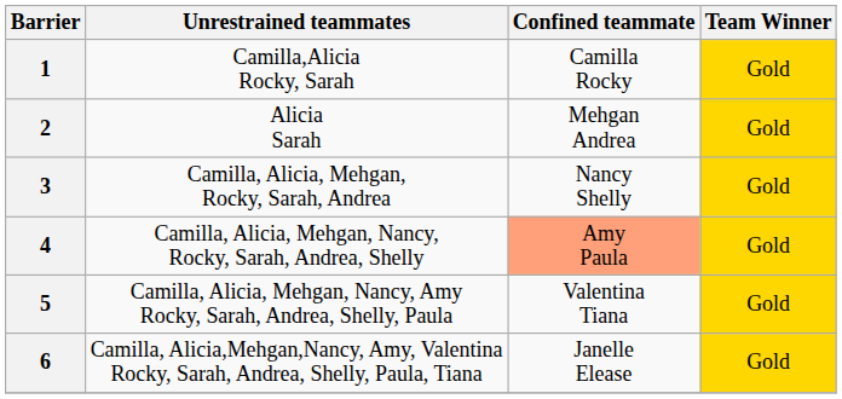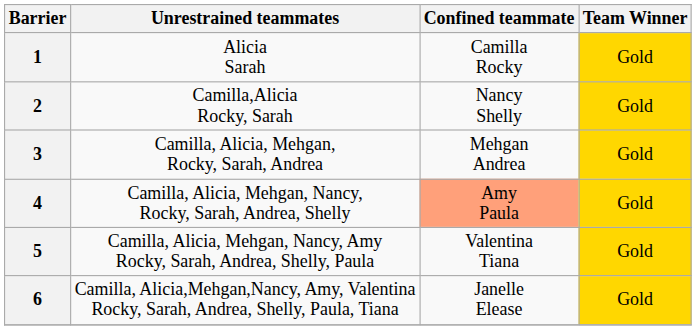 <table class="wikitable" style="text-align:center">
 <tr>
 <th>Barrier</th>
 <th>Unrestrained teammates</th>
 <th>Confined teammate</th>
 <th>Team Winner</th>
 </tr>
 <tr>
 <th>1</th>
-<td>Camilla,Alicia <br> Rocky, Sarah</td>
+<td>Alicia<br> Sarah</td>
 <td>Camilla<br> Rocky</td>
 <td style="background:gold;">Gold</td>
 </tr>
 <tr>
 <th>2</th>
-<td>Alicia<br> Sarah</td>
-<td>Mehgan <br> Andrea</td>
+<td>Camilla,Alicia <br> Rocky, Sarah</td>
+<td>Nancy <br> Shelly</td>
 <td style="background:gold;">Gold</td>
 </tr>
 <tr>
 <th>3</th>
 <td>Camilla, Alicia, Mehgan, <br> Rocky, Sarah, Andrea</td>
-<td>Nancy <br> Shelly</td>
+<td>Mehgan <br> Andrea</td>
 <td style="background:gold;">Gold</td>
 </tr>
 <tr>
 <th>4</th>
 <td>Camilla, Alicia, Mehgan, Nancy,  <br> Rocky, Sarah, Andrea, Shelly</td>
 <td style="background: lightsalmon;">Amy <br> Paula</td>
 <td style="background:gold;">Gold</td>
 </tr>
 <tr>
 <th>5</th>
 <td>Camilla, Alicia, Mehgan, Nancy, Amy <br> Rocky, Sarah, Andrea, Shelly, Paula</td>
 <td>Valentina <br> Tiana</td>
 <td style="background:gold;">Gold</td>
 </tr>
 <tr>
 <th>6</th>
 <td>Camilla, Alicia,Mehgan,Nancy, Amy, Valentina <br> Rocky, Sarah, Andrea, Shelly, Paula, Tiana</td>
 <td>Janelle <br> Elease</td>
 <td style="background:gold;">Gold</td>
 </tr>
 <tr>
 </tr>
 </table>
